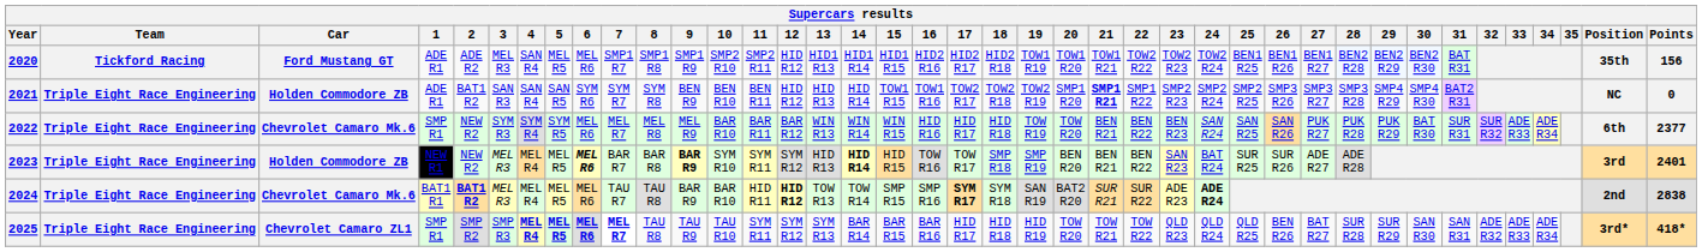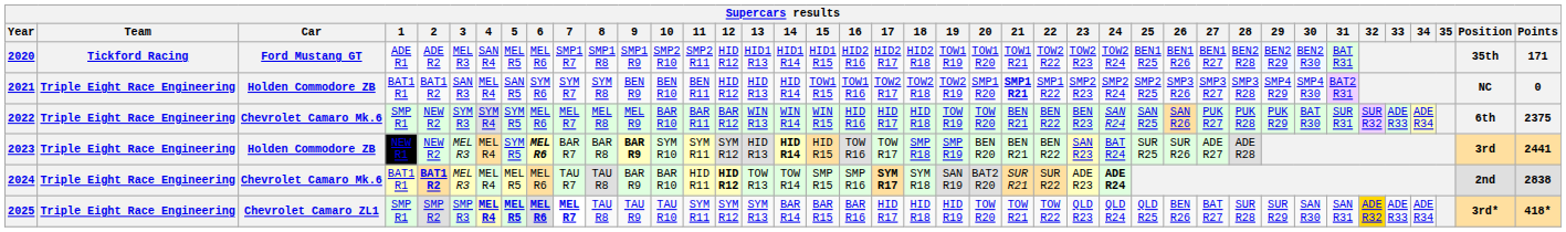 <table class="wikitable" style="text-align:center; font-size:75%">
 <tr>
 <th colspan=45><a href='#'>Supercars</a> results</th>
 </tr>
 <tr>
 <th>Year</th>
 <th>Team</th>
 <th>Car</th>
 <th>1</th>
 <th>2</th>
 <th>3</th>
 <th>4</th>
 <th>5</th>
 <th>6</th>
 <th>7</th>
 <th>8</th>
 <th>9</th>
 <th>10</th>
 <th>11</th>
 <th>12</th>
 <th>13</th>
 <th>14</th>
 <th>15</th>
 <th>16</th>
 <th>17</th>
 <th>18</th>
 <th>19</th>
 <th>20</th>
 <th>21</th>
 <th>22</th>
 <th>23</th>
 <th>24</th>
 <th>25</th>
 <th>26</th>
 <th>27</th>
 <th>28</th>
 <th>29</th>
 <th>30</th>
 <th>31</th>
 <th>32</th>
 <th>33</th>
 <th>34</th>
 <th>35</th>
 <th>Position</th>
 <th>Points</th>
 </tr>
 <tr>
 <th><a href='#'>2020</a></th>
 <th nowrap><a href='#'>Tickford Racing</a></th>
 <th nowrap><a href='#'>Ford Mustang GT</a></th>
 <td><a href='#'>ADE<br>R1</a></td>
 <td><a href='#'>ADE<br>R2</a></td>
 <td><a href='#'>MEL<br>R3</a></td>
 <td><a href='#'>SAN<br>R4</a></td>
 <td><a href='#'>MEL<br>R5</a></td>
 <td><a href='#'>MEL<br>R6</a></td>
 <td><a href='#'>SMP1<br>R7</a></td>
 <td><a href='#'>SMP1<br>R8</a></td>
 <td><a href='#'>SMP1<br>R9</a></td>
 <td><a href='#'>SMP2<br>R10</a></td>
 <td><a href='#'>SMP2<br>R11</a></td>
 <td><a href='#'>HID<br>R12</a></td>
 <td><a href='#'>HID1<br>R13</a></td>
 <td><a href='#'>HID1<br>R14</a></td>
 <td><a href='#'>HID1<br>R15</a></td>
 <td><a href='#'>HID2<br>R16</a></td>
 <td><a href='#'>HID2<br>R17</a></td>
 <td><a href='#'>HID2<br>R18</a></td>
 <td><a href='#'>TOW1<br>R19</a></td>
 <td><a href='#'>TOW1<br>R20</a></td>
 <td><a href='#'>TOW1<br>R21</a></td>
 <td><a href='#'>TOW2<br>R22</a></td>
 <td><a href='#'>TOW2<br>R23</a></td>
 <td><a href='#'>TOW2<br>R24</a></td>
 <td><a href='#'>BEN1<br>R25</a></td>
 <td><a href='#'>BEN1<br>R26</a></td>
 <td><a href='#'>BEN1<br>R27</a></td>
 <td style="background:#f1f8ff"><a href='#'>BEN2<br>R28</a><br></td>
 <td style="background:#f1f8ff"><a href='#'>BEN2<br>R29</a><br></td>
 <td style="background:#f1f8ff"><a href='#'>BEN2<br>R30</a><br></td>
 <td style="background:#dfffdf"><a href='#'>BAT<br>R31</a><br></td>
 <th colspan=4></th>
 <th>35th</th>
-<th>156</th>
+<th>171</th>
 </tr>
 <tr>
 <th><a href='#'>2021</a></th>
 <th nowrap><a href='#'>Triple Eight Race Engineering</a></th>
 <th nowrap><a href='#'>Holden Commodore ZB</a></th>
-<td><a href='#'>ADE<br>R1</a></td>
+<td><a href='#'>BAT1<br>R1</a></td>
 <td><a href='#'>BAT1<br>R2</a></td>
 <td><a href='#'>SAN<br>R3</a></td>
-<td><a href='#'>SAN<br>R4</a></td>
+<td><a href='#'>MEL<br>R4</a></td>
 <td><a href='#'>SAN<br>R5</a></td>
 <td><a href='#'>SYM<br>R6</a></td>
 <td><a href='#'>SYM<br>R7</a></td>
 <td><a href='#'>SYM<br>R8</a></td>
 <td><a href='#'>BEN<br>R9</a></td>
 <td><a href='#'>BEN<br>R10</a></td>
 <td><a href='#'>BEN<br>R11</a></td>
 <td><a href='#'>HID<br>R12</a></td>
 <td><a href='#'>HID<br>R13</a></td>
 <td><a href='#'>HID<br>R14</a></td>
 <td><a href='#'>TOW1<br>R15</a></td>
 <td><a href='#'>TOW1<br>R16</a></td>
 <td><a href='#'>TOW2<br>R17</a></td>
 <td><a href='#'>TOW2<br>R18</a></td>
 <td><a href='#'>TOW2<br>R19</a></td>
 <td><a href='#'>SMP1<br>R20</a></td>
 <td><strong><a href='#'>SMP1<br>R21</a></strong></td>
 <td><a href='#'>SMP1<br>R22</a></td>
 <td><a href='#'>SMP2<br>R23</a></td>
 <td><a href='#'>SMP2<br>R24</a></td>
 <td><a href='#'>SMP2<br>R25</a></td>
 <td><a href='#'>SMP3<br>R26</a></td>
 <td><a href='#'>SMP3<br>R27</a></td>
 <td><a href='#'>SMP3<br>R28</a></td>
 <td><a href='#'>SMP4<br>R29</a></td>
 <td><a href='#'>SMP4<br>R30</a></td>
 <td style=background:#efcfff><a href='#'>BAT2<br>R31</a><br></td>
 <th colspan=4></th>
 <th>NC</th>
 <th>0</th>
 </tr>
 <tr>
 <th><a href='#'>2022</a></th>
 <th nowrap><a href='#'>Triple Eight Race Engineering</a></th>
 <th nowrap><a href='#'>Chevrolet Camaro Mk.6</a></th>
 <td style=background:#dfffdf><a href='#'>SMP<br>R1</a><br></td>
 <td style="background:#dfffdf"><a href='#'>NEW<br>R2</a><br></td>
 <td style=background:#dfffdf><a href='#'>SYM<br>R3</a><br></td>
 <td style=background:#dfdfdf><a href='#'>SYM<br>R4</a><br></td>
 <td style=background:#dfffdf><a href='#'>SYM<br>R5</a><br></td>
 <td style=background:#dfffdf><a href='#'>MEL<br>R6</a><br></td>
 <td style=background:#dfffdf><a href='#'>MEL<br>R7</a><br></td>
 <td style=background:#dfffdf><a href='#'>MEL<br>R8</a><br></td>
 <td style=background:#dfffdf><a href='#'>MEL<br>R9</a><br></td>
 <td style=background:#dfffdf><a href='#'>BAR<br>R10</a><br></td>
 <td style=background:#dfffdf><a href='#'>BAR<br>R11</a><br></td>
 <td style=background:#dfffdf><a href='#'>BAR<br>R12</a><br></td>
 <td style=background:#dfffdf><a href='#'>WIN<br>R13</a><br></td>
 <td style=background:#dfffdf><a href='#'>WIN<br>R14</a><br></td>
 <td style=background:#dfffdf><a href='#'>WIN<br>R15</a><br></td>
 <td style=background:#dfffdf><a href='#'>HID<br>R16</a><br></td>
 <td style=background:#dfffdf><a href='#'>HID<br>R17</a><br></td>
 <td style=background:#dfffdf><a href='#'>HID<br>R18</a><br></td>
 <td style=background:#dfffdf><a href='#'>TOW<br>R19</a><br></td>
 <td style=background:#dfffdf><a href='#'>TOW<br>R20</a><br></td>
 <td style=background:#dfffdf><a href='#'>BEN<br>R21</a><br></td>
 <td style=background:#dfffdf><a href='#'>BEN<br>R22</a><br></td>
 <td style=background:#dfffdf><a href='#'>BEN<br>R23</a><br></td>
 <td style=background:#dfffdf><em><a href='#'>SAN<br>R24</a><br></em></td>
 <td style=background:#dfffdf><a href='#'>SAN<br>R25</a><br></td>
 <td style=background:#ffdf9f><a href='#'>SAN<br>R26</a><br></td>
 <td style=background:#dfffdf><a href='#'>PUK<br>R27</a><br></td>
 <td style=background:#dfffdf><a href='#'>PUK<br>R28</a><br></td>
 <td style=background:#dfffdf><a href='#'>PUK<br>R29</a><br></td>
 <td style=background:#dfffdf><a href='#'>BAT<br>R30</a><br></td>
 <td style=background:#dfffdf><a href='#'>SUR<br>R31</a><br></td>
 <td style=background:#efcfff><a href='#'>SUR<br>R32</a><br></td>
 <td style=background:#dfffdf><a href='#'>ADE<br>R33</a><br></td>
 <td style=background:#ffffbf><a href='#'>ADE<br>R34</a><br></td>
 <th colspan=1></th>
 <th>6th</th>
-<th>2377</th>
+<th>2375</th>
 </tr>
 <tr>
 <th><a href='#'>2023</a></th>
 <th nowrap><a href='#'>Triple Eight Race Engineering</a></th>
 <th nowrap><a href='#'>Holden Commodore ZB</a></th>
 <td style="background:#000000; color:white;"><span><a href='#'>NEW<br>R1</a></span><br></td>
 <td style="background:#dfffdf"><a href='#'>NEW<br>R2</a><br></td>
 <td style="background:#dfffdf"><em>MEL<br>R3<br></em></td>
 <td style="background:#ffdf9f">MEL<br>R4<br></td>
-<td style="background:#dfffdf">MEL<br>R5<br></td>
+<td style=background:#dfffdf><a href='#'>SYM<br>R5</a><br></td>
 <td style="background:#ffffbf"><strong><em>MEL<br>R6<br></em></strong></td>
 <td style="background:#dfffdf">BAR<br>R7<br></td>
 <td style="background:#dfffdf">BAR<br>R8<br></td>
 <td style="background:#ffffbf"><strong>BAR<br>R9<br></strong></td>
 <td style="background:#dfffdf">SYM<br>R10<br></td>
 <td style="background:#ffffbf">SYM<br>R11<br></td>
 <td style="background:#dfdfdf">SYM<br>R12<br></td>
 <td style="background:#dfdfdf">HID<br>R13<br></td>
 <td style="background:#ffffbf"><strong>HID<br>R14<br></strong></td>
 <td style="background:#ffdf9f">HID<br>R15<br></td>
 <td style="background:#dfdfdf">TOW<br>R16<br></td>
 <td style="background:#dfffdf">TOW<br>R17<br></td>
 <td style="background:#dfffdf"><a href='#'>SMP<br>R18</a><br></td>
 <td style="background:#dfffdf"><a href='#'>SMP<br>R19</a><br></td>
 <td style="background:#dfffdf">BEN<br>R20<br></td>
 <td style="background:#dfffdf">BEN<br>R21<br></td>
 <td style="background:#dfffdf">BEN<br>R22<br></td>
 <td style="background:#ffffbf"><a href='#'>SAN<br>R23</a><br></td>
 <td style="background:#dfffdf"><a href='#'>BAT<br>R24</a><br></td>
 <td style="background:#dfffdf">SUR<br>R25<br></td>
 <td style="background:#dfffdf">SUR<br>R26<br></td>
 <td style="background:#dfffdf">ADE<br>R27<br></td>
 <td style="background:#dfdfdf">ADE<br>R28<br></td>
 <th colspan=7></th>
 <th style="background: #ffdf9f">3rd</th>
-<th style="background: #ffdf9f">2401</th>
+<th style="background: #ffdf9f">2441</th>
 </tr>
 <tr>
 <th><a href='#'>2024</a></th>
 <th nowrap><a href='#'>Triple Eight Race Engineering</a></th>
 <th nowrap><a href='#'>Chevrolet Camaro Mk.6</a></th>
 <td style="background:#ffffbf"><a href='#'>BAT1<br>R1</a><br></td>
 <td style="background:#ffdf9f"><strong><a href='#'>BAT1<br>R2</a><br></strong></td>
 <td style="background:#ffffbf"><em>MEL <br>R3<br></em></td>
 <td style="background:#dfffdf">MEL<br>R4<br></td>
 <td style="background:#ffffbf">MEL<br>R5<br></td>
 <td style="background:#ffdf9f">MEL<br>R6<br></td>
 <td style="background:#dfffdf">TAU<br>R7 <br></td>
 <td style="background:#dfdfdf">TAU<br>R8 <br></td>
 <td style="background:#dfffdf">BAR<br>R9 <br></td>
 <td style="background:#dfffdf">BAR<br>R10 <br></td>
 <td style="background:#ffffbf">HID<br>R11 <br></td>
 <td style="background:#ffffbf"><strong>HID<br>R12 <br></strong></td>
 <td style="background:#dfffdf">TOW<br>R13<br></td>
 <td style="background:#dfffdf">TOW<br>R14<br></td>
 <td style="background:#dfffdf">SMP<br>R15<br></td>
 <td style="background:#dfffdf">SMP<br>R16<br></td>
 <td style="background:#ffdf9f"><strong>SYM<br>R17<br></strong></td>
 <td style="background:#dfffdf">SYM<br>R18<br></td>
 <td style="background:#dfdfdf">SAN<br>R19<br></td>
 <td style="background:#dfdfdf">BAT2<br>R20<br></td>
 <td style="background:#ffdf9f"><em>SUR<br>R21<br></em></td>
 <td style="background:#ffdf9f">SUR<br>R22<br></td>
 <td style="background:#ffffbf">ADE<br>R23<br></td>
 <td style="background:#dfffdf"><strong>ADE<br>R24<br></strong></td>
 <th colspan=11></th>
 <th style="background:#dfdfdf;">2nd</th>
 <th style="background:#dfdfdf;">2838</th>
 </tr>
 <tr>
 <th><a href='#'>2025</a></th>
 <th nowrap><a href='#'>Triple Eight Race Engineering</a></th>
 <th nowrap><a href='#'>Chevrolet Camaro ZL1</a></th>
 <td style=background:#dfffdf><a href='#'>SMP<br>R1</a><br></td>
 <td style=background:#dfdfdf><a href='#'>SMP<br>R2</a><br></td>
 <td style=background:#dfffdf><a href='#'>SMP<br>R3</a><br></td>
 <td style=background:#ffffbf><strong><a href='#'>MEL<br>R4</a></strong><br></td>
 <td style=background:#dfffdf><strong><a href='#'>MEL<br>R5</a></strong><br></td>
 <td style=background:#dfdfdf><strong><a href='#'>MEL<br>R6</a></strong><br></td>
 <td style=background:#ffffff><strong><a href='#'>MEL<br>R7</a></strong><br></td>
 <td><a href='#'>TAU<br>R8</a></td>
 <td><a href='#'>TAU<br>R9</a></td>
 <td><a href='#'>TAU<br>R10</a></td>
 <td><a href='#'>SYM<br>R11</a></td>
 <td><a href='#'>SYM<br>R12</a></td>
 <td><a href='#'>SYM<br>R13</a></td>
 <td><a href='#'>BAR<br>R14</a></td>
 <td><a href='#'>BAR<br>R15</a></td>
 <td><a href='#'>BAR<br>R16</a></td>
 <td><a href='#'>HID<br>R17</a></td>
 <td><a href='#'>HID<br>R18</a></td>
 <td><a href='#'>HID<br>R19</a></td>
 <td><a href='#'>TOW<br>R20</a></td>
 <td><a href='#'>TOW<br>R21</a></td>
 <td><a href='#'>TOW<br>R22</a></td>
 <td><a href='#'>QLD<br>R23</a></td>
 <td><a href='#'>QLD<br>R24</a></td>
 <td><a href='#'>QLD<br>R25</a></td>
 <td><a href='#'>BEN<br>R26</a></td>
 <td><a href='#'>BAT<br>R27</a></td>
 <td><a href='#'>SUR<br>R28</a></td>
 <td><a href='#'>SUR<br>R29</a></td>
 <td><a href='#'>SAN<br>R30</a></td>
 <td><a href='#'>SAN<br>R31</a></td>
-<td><a href='#'>ADE<br>R32</a></td>
+<td style="background: gold;"><a href='#'>ADE<br>R32</a></td>
 <td><a href='#'>ADE<br>R33</a></td>
 <td><a href='#'>ADE<br>R34</a></td>
 <th colspan=1></th>
 <th style=background:#ffdf9f><strong>3rd</strong>*</th>
 <th style=background:#ffdf9f>418*</th>
 </tr>
 </table>
